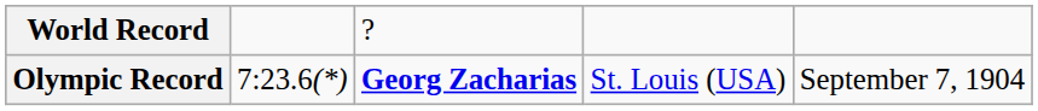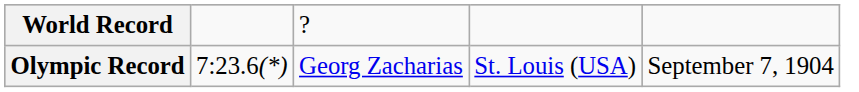 <table class="wikitable" style="font-size:95%;">
 <tr>
 <th>World Record</th>
 <td></td>
 <td>?</td>
 <td></td>
 <td></td>
 </tr>
 <tr>
 <th>Olympic Record</th>
 <td>7:23.6<em>(*)</em></td>
-<td><strong> <a href='#'>Georg Zacharias</a></strong></td>
+<td> <a href='#'>Georg Zacharias</a></td>
 <td><a href='#'>St. Louis</a> (<a href='#'>USA</a>)</td>
 <td>September 7, 1904</td>
 </tr>
 </table>
